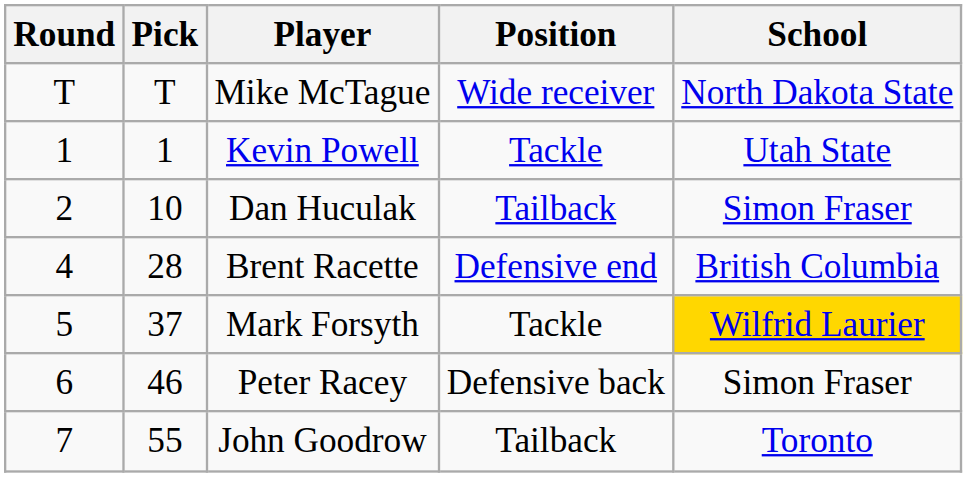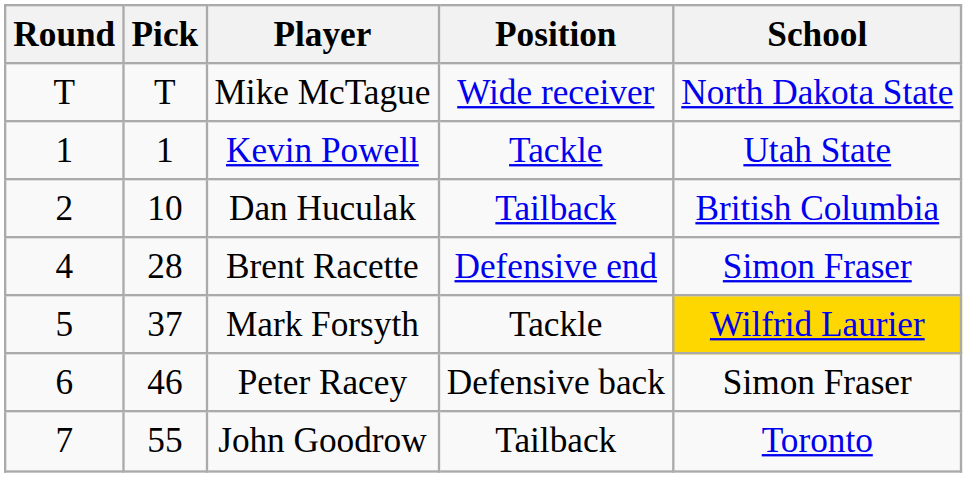 <table class="wikitable" style="font-size: 95%;">
 <tr>
 <th scope="col">Round</th>
 <th scope="col">Pick</th>
 <th scope="col">Player</th>
 <th scope="col">Position</th>
 <th scope="col">School</th>
 </tr>
 <tr align="center">
 <td align=center>T</td>
 <td>T</td>
 <td>Mike McTague</td>
 <td><a href='#'>Wide receiver</a></td>
 <td><a href='#'>North Dakota State</a></td>
 </tr>
 <tr align="center">
 <td align=center>1</td>
 <td>1</td>
 <td><a href='#'>Kevin Powell</a></td>
 <td><a href='#'>Tackle</a></td>
 <td><a href='#'>Utah State</a></td>
 </tr>
 <tr align="center">
 <td align=center>2</td>
 <td>10</td>
 <td>Dan Huculak</td>
 <td><a href='#'>Tailback</a></td>
-<td><a href='#'>Simon Fraser</a></td>
+<td><a href='#'>British Columbia</a></td>
 </tr>
 <tr align="center">
 <td align=center>4</td>
 <td>28</td>
 <td>Brent Racette</td>
 <td><a href='#'>Defensive end</a></td>
-<td><a href='#'>British Columbia</a></td>
+<td><a href='#'>Simon Fraser</a></td>
 </tr>
 <tr align="center">
 <td align=center>5</td>
 <td>37</td>
 <td>Mark Forsyth</td>
 <td>Tackle</td>
 <td style="background: gold;"><a href='#'>Wilfrid Laurier</a></td>
 </tr>
 <tr align="center">
 <td align=center>6</td>
 <td>46</td>
 <td>Peter Racey</td>
 <td>Defensive back</td>
 <td>Simon Fraser</td>
 </tr>
 <tr align="center">
 <td align=center>7</td>
 <td>55</td>
 <td>John Goodrow</td>
 <td>Tailback</td>
 <td><a href='#'>Toronto</a></td>
 </tr>
 </table>
